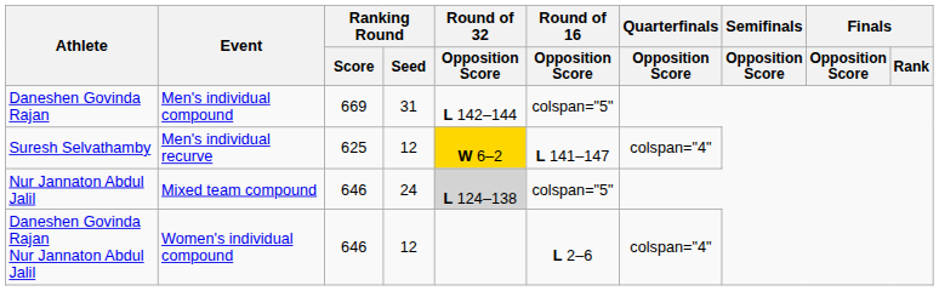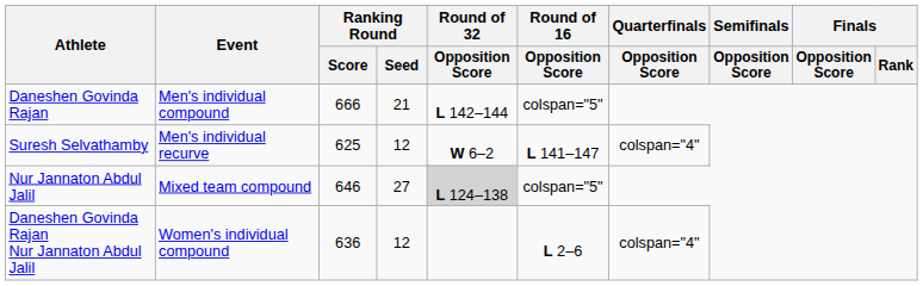 <table class="wikitable" style="text-align: center; font-size:90%">
 <tr>
 <th rowspan="2">Athlete</th>
 <th rowspan="2">Event</th>
 <th colspan="2">Ranking Round</th>
 <th>Round of 32</th>
 <th>Round of 16</th>
 <th>Quarterfinals</th>
 <th>Semifinals</th>
 <th colspan="2">Finals</th>
 </tr>
 <tr style="font-size:95%">
 <th>Score</th>
 <th>Seed</th>
 <th>Opposition<br>Score</th>
 <th>Opposition<br>Score</th>
 <th>Opposition<br>Score</th>
 <th>Opposition<br>Score</th>
 <th>Opposition<br>Score</th>
 <th>Rank</th>
 </tr>
 <tr>
 <td align="left"><a href='#'>Daneshen Govinda Rajan</a></td>
 <td align="left"><a href='#'>Men's individual compound</a></td>
-<td>669</td>
-<td>31</td>
+<td>666</td>
+<td>21</td>
 <td><br><strong>L</strong> 142–144</td>
 <td>colspan="5" </td>
 </tr>
 <tr>
 <td align="left"><a href='#'>Suresh Selvathamby</a></td>
 <td align="left"><a href='#'>Men's individual recurve</a></td>
 <td>625</td>
 <td>12</td>
-<td style="background: gold;"><br><strong>W</strong> 6–2</td>
+<td><br><strong>W</strong> 6–2</td>
 <td><br><strong>L</strong> 141–147</td>
 <td>colspan="4" </td>
 </tr>
 <tr>
 <td align="left"><a href='#'>Nur Jannaton Abdul Jalil</a></td>
 <td align="left"><a href='#'>Mixed team compound</a></td>
 <td>646</td>
-<td>24</td>
+<td>27</td>
 <td style="background: lightgrey;"><br><strong>L</strong> 124–138</td>
 <td>colspan="5" </td>
 </tr>
 <tr>
 <td align="left"><a href='#'>Daneshen Govinda Rajan</a> <br><a href='#'>Nur Jannaton Abdul Jalil</a></td>
 <td align="left"><a href='#'>Women's individual compound</a></td>
-<td>646</td>
+<td>636</td>
 <td>12</td>
 <td></td>
 <td><br><strong>L</strong> 2–6</td>
 <td>colspan="4" </td>
 </tr>
 </table>
